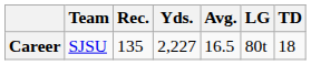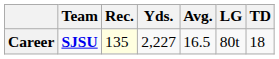 <table class="wikitable">
 <tr>
 <th></th>
 <th>Team</th>
 <th>Rec.</th>
 <th>Yds.</th>
 <th>Avg.</th>
 <th>LG</th>
 <th>TD</th>
 </tr>
 <tr>
 <th>Career</th>
-<td><a href='#'>SJSU</a></td>
-<td>135</td>
+<td><strong><a href='#'>SJSU</a></strong></td>
+<td style="background: lightyellow;">135</td>
 <td>2,227</td>
 <td>16.5</td>
 <td>80t</td>
 <td>18</td>
 </tr>
 </table>
